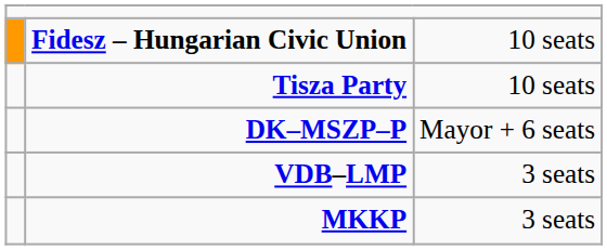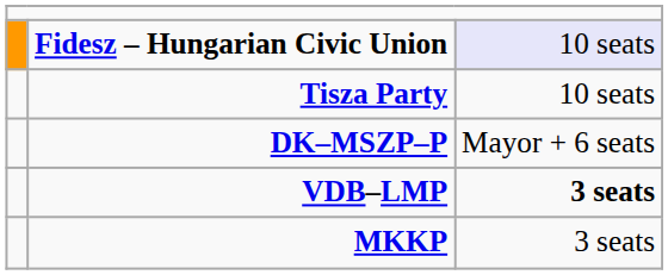 <table class="wikitable" style="float:right; margin:0 0 0.5em 1em; text-align:right; font-size:80%;">
 <tr>
 <td colspan="4" bgcolor=""></td>
 </tr>
 <tr>
 <td style="background:#f90;"> </td>
 <td><strong><a href='#'>Fidesz</a> – Hungarian Civic Union</strong></td>
-<td>10 seats</td>
+<td style="background: lavender;">10 seats</td>
 </tr>
 <tr>
 <td style="background:"> </td>
 <td><strong><a href='#'>Tisza Party</a></strong></td>
 <td>10 seats</td>
 </tr>
 <tr>
 <td style="background:"> </td>
 <td><strong><a href='#'>DK–MSZP–P</a></strong></td>
 <td>Mayor + 6 seats</td>
 </tr>
 <tr>
 <td style="background:"> </td>
 <td><strong><a href='#'>VDB</a>–<a href='#'>LMP</a></strong></td>
-<td>3 seats</td>
+<td><strong>3 seats</strong></td>
 </tr>
 <tr>
 <td style="background:"> </td>
 <td><strong><a href='#'>MKKP</a></strong></td>
 <td>3 seats</td>
 </tr>
 </table>
